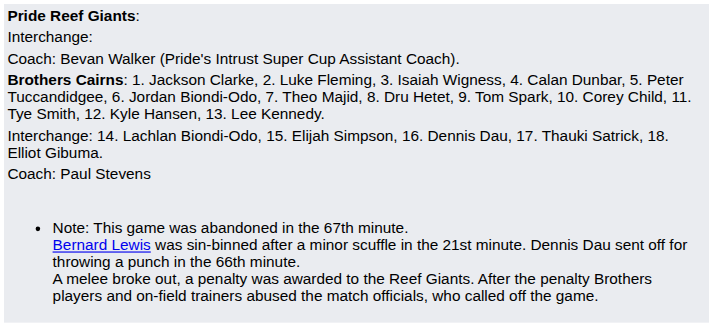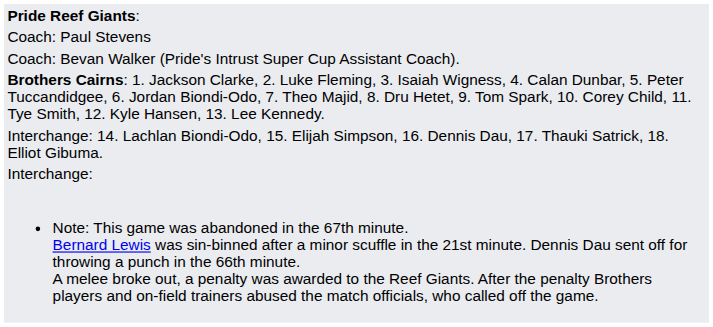 <table style="background:#eaecf0; font-size:85%; width:100%;">
 <tr>
 <td><strong>Pride Reef Giants</strong>:             </td>
 </tr>
 <tr>
-<td>Interchange:    </td>
+<td>Coach: Paul Stevens</td>
 </tr>
 <tr>
 <td>Coach: Bevan Walker (Pride's Intrust Super Cup Assistant Coach).</td>
 </tr>
 <tr>
 <td><strong>Brothers Cairns</strong>: 1. Jackson Clarke, 2. Luke Fleming, 3. Isaiah Wigness, 4. Calan Dunbar, 5. Peter Tuccandidgee, 6. Jordan Biondi-Odo, 7. Theo Majid, 8. Dru Hetet, 9. Tom Spark, 10. Corey Child, 11. Tye Smith, 12. Kyle Hansen, 13. Lee Kennedy.</td>
 </tr>
 <tr>
 <td>Interchange: 14. Lachlan Biondi-Odo, 15. Elijah Simpson, 16. Dennis Dau, 17. Thauki Satrick, 18. Elliot Gibuma.</td>
 </tr>
 <tr>
-<td>Coach: Paul Stevens</td>
+<td>Interchange:    </td>
 </tr>
 <tr>
 <td><br><ul><li>Note: This game was abandoned in the 67th minute.<br><a href='#'>Bernard Lewis</a> was sin-binned after a minor scuffle in the 21st minute. Dennis Dau sent off for throwing a punch in the 66th minute.<br>A melee broke out, a penalty was awarded to the Reef Giants. After the penalty Brothers players and on-field trainers abused the match officials, who called off the game.</li></ul></td>
 </tr>
 </table>
